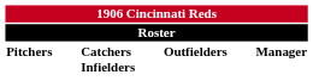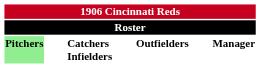 <table class="toccolours" style="font-size: 95%;">
 <tr>
 <th colspan="10" style="background-color: #c6011f; color: white; text-align: center;">1906 Cincinnati Reds</th>
 </tr>
 <tr>
 <td colspan="10" style="background-color: black; color: white; text-align: center;"><strong>Roster</strong></td>
 </tr>
 <tr>
-<td valign="top"><strong>Pitchers</strong><br>            </td>
+<td valign="top" style="background: lightgreen;"><strong>Pitchers</strong><br>            </td>
 <td width="25px"></td>
 <td valign="top"><strong>Catchers</strong><br>     <strong>Infielders</strong>         </td>
 <td width="25px"></td>
 <td valign="top"><strong>Outfielders</strong><br>       </td>
 <td width="25px"></td>
 <td valign="top"><strong>Manager</strong><br></td>
 </tr>
 </table>
